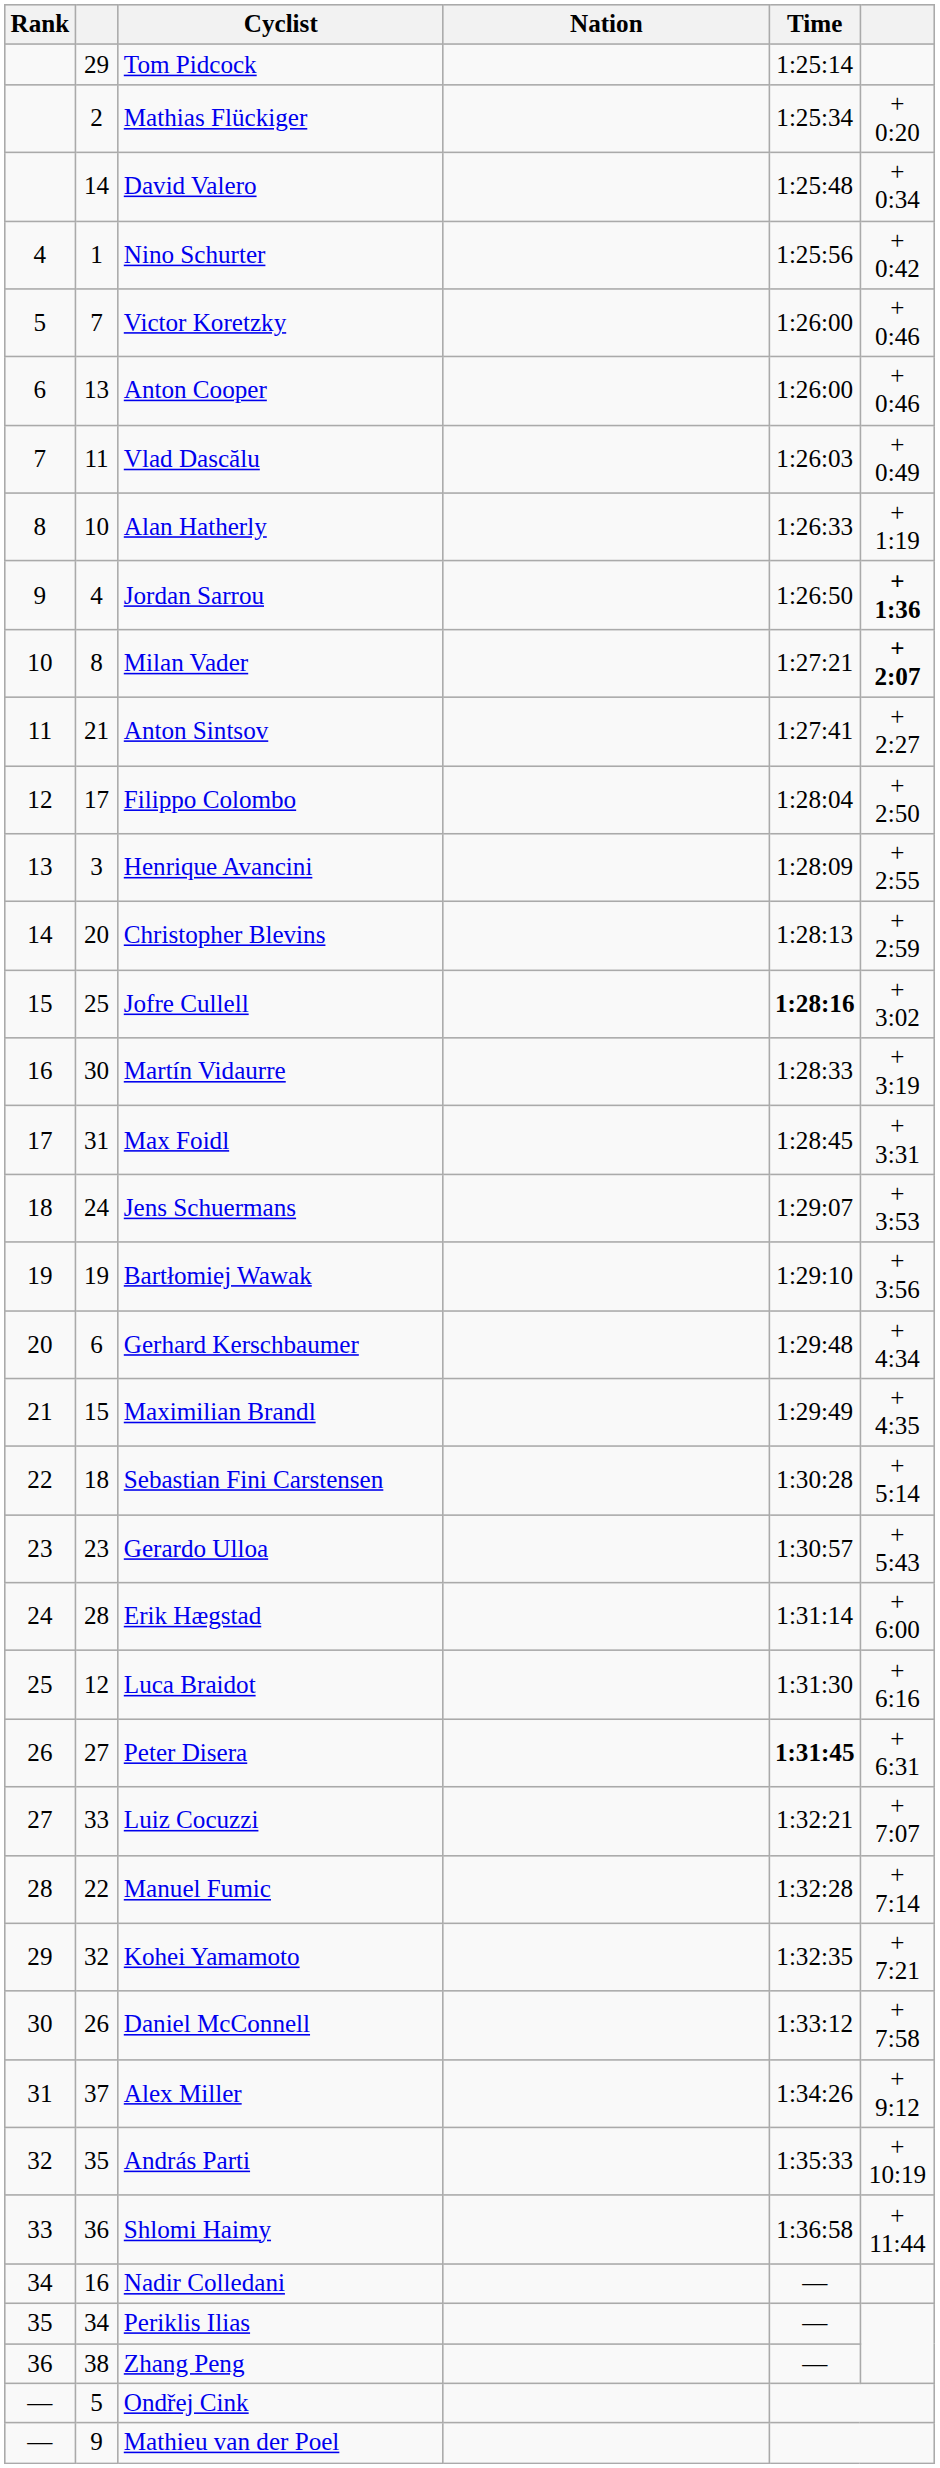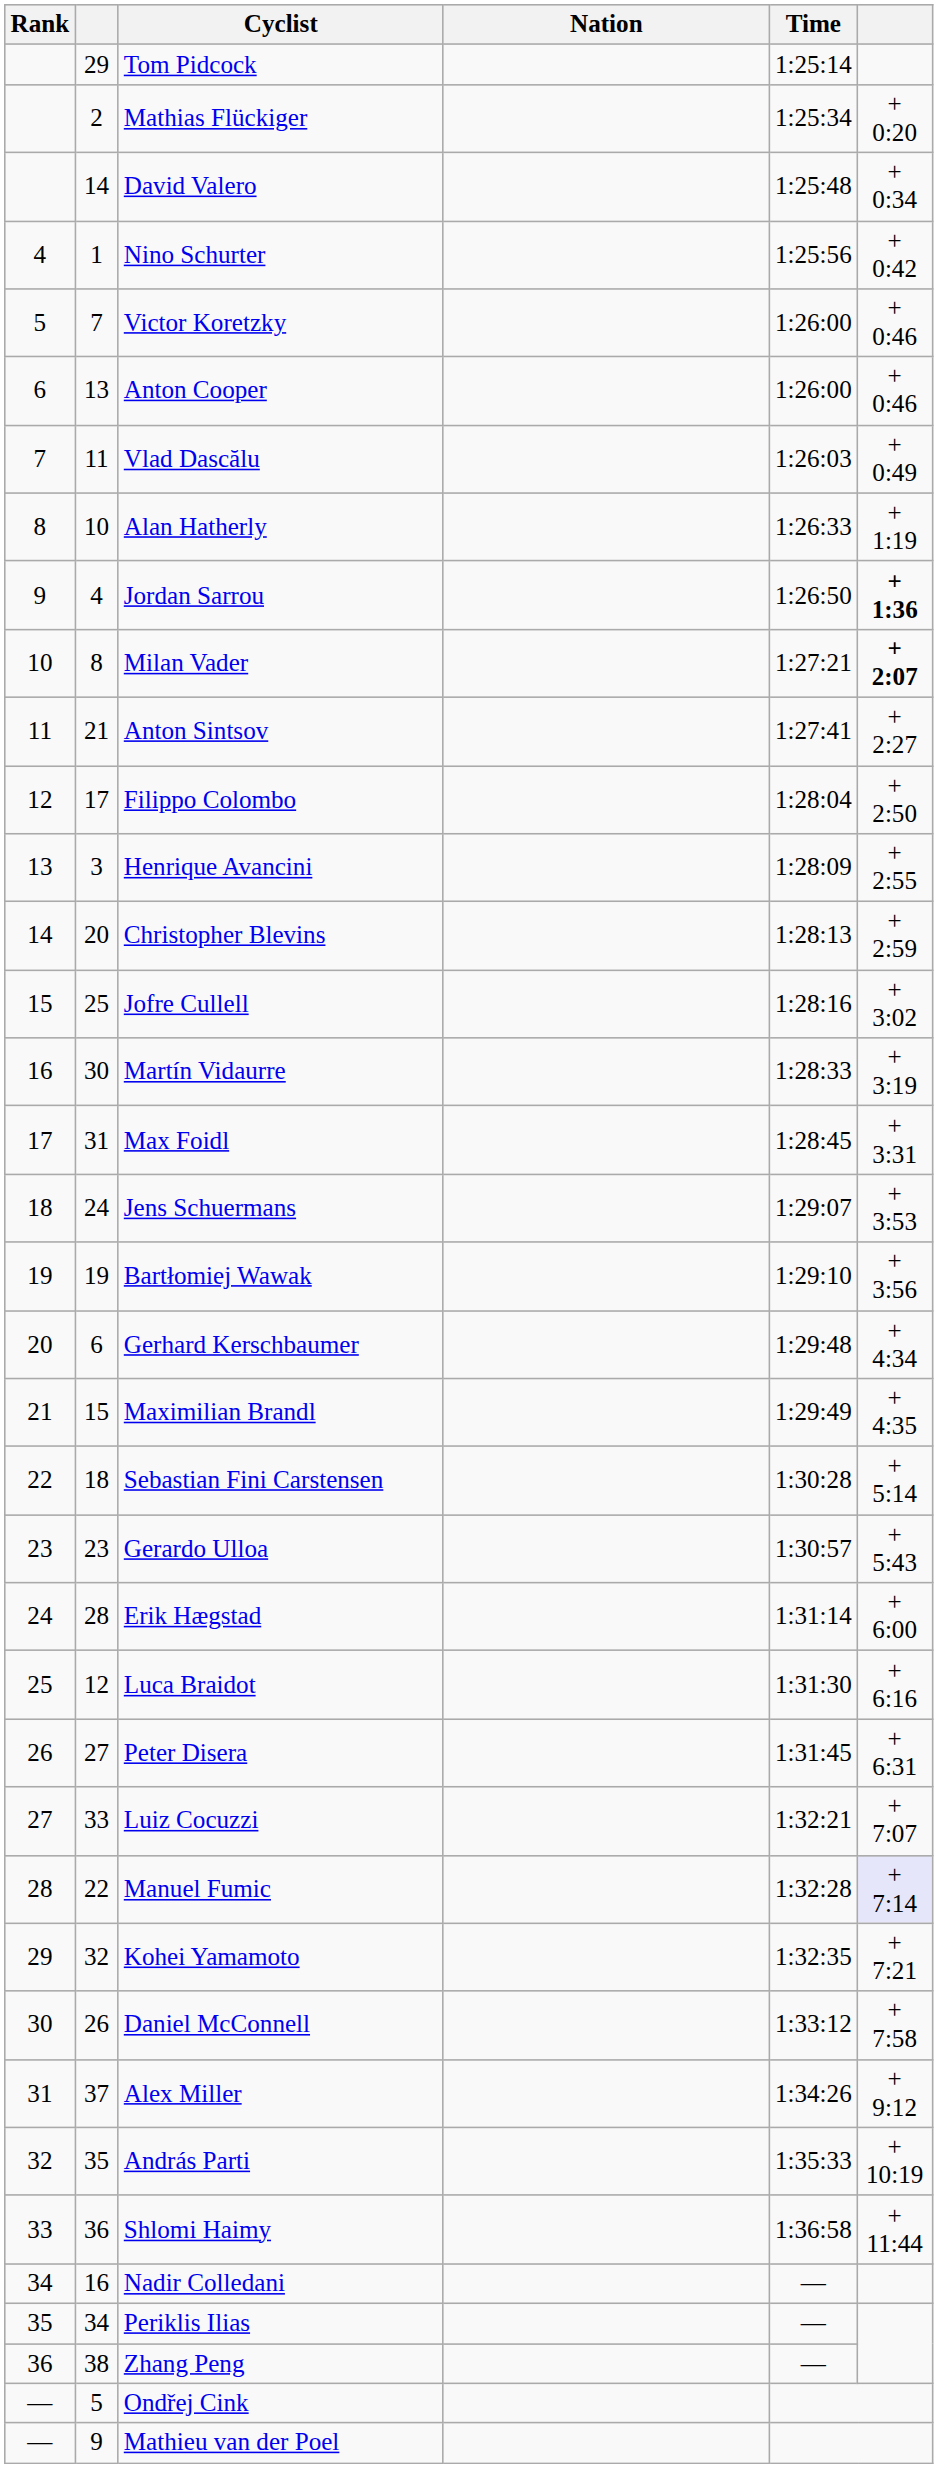 <table class="wikitable sortable" style="text-align:center">
 <tr style="background:#efefef;">
 <th width="30">Rank</th>
 <th width="20"></th>
 <th width="200">Cyclist</th>
 <th width="200">Nation</th>
 <th width="40">Time</th>
 <th width="40"></th>
 </tr>
 <tr>
 <td></td>
 <td>29</td>
 <td align="left"><a href='#'>Tom Pidcock</a></td>
 <td align="left"></td>
 <td>1:25:14</td>
 <td></td>
 </tr>
 <tr>
 <td></td>
 <td>2</td>
 <td align="left"><a href='#'>Mathias Flückiger</a></td>
 <td align="left"></td>
 <td>1:25:34</td>
 <td>+ 0:20</td>
 </tr>
 <tr>
 <td></td>
 <td>14</td>
 <td align="left"><a href='#'>David Valero</a></td>
 <td align="left"></td>
 <td>1:25:48</td>
 <td>+ 0:34</td>
 </tr>
 <tr>
 <td>4</td>
 <td>1</td>
 <td align="left"><a href='#'>Nino Schurter</a></td>
 <td align="left"></td>
 <td>1:25:56</td>
 <td>+ 0:42</td>
 </tr>
 <tr>
 <td>5</td>
 <td>7</td>
 <td align="left"><a href='#'>Victor Koretzky</a></td>
 <td align="left"></td>
 <td>1:26:00</td>
 <td>+ 0:46</td>
 </tr>
 <tr>
 <td>6</td>
 <td>13</td>
 <td align="left"><a href='#'>Anton Cooper</a></td>
 <td align="left"></td>
 <td>1:26:00</td>
 <td>+ 0:46</td>
 </tr>
 <tr>
 <td>7</td>
 <td>11</td>
 <td align="left"><a href='#'>Vlad Dascălu</a></td>
 <td align="left"></td>
 <td>1:26:03</td>
 <td>+ 0:49</td>
 </tr>
 <tr>
 <td>8</td>
 <td>10</td>
 <td align="left"><a href='#'>Alan Hatherly</a></td>
 <td align="left"></td>
 <td>1:26:33</td>
 <td>+ 1:19</td>
 </tr>
 <tr>
 <td>9</td>
 <td>4</td>
 <td align="left"><a href='#'>Jordan Sarrou</a></td>
 <td align="left"></td>
 <td>1:26:50</td>
 <td><strong>+ 1:36</strong></td>
 </tr>
 <tr>
 <td>10</td>
 <td>8</td>
 <td align="left"><a href='#'>Milan Vader</a></td>
 <td align="left"></td>
 <td>1:27:21</td>
 <td><strong>+ 2:07</strong></td>
 </tr>
 <tr>
 <td>11</td>
 <td>21</td>
 <td align="left"><a href='#'>Anton Sintsov</a></td>
 <td align="left"></td>
 <td>1:27:41</td>
 <td>+ 2:27</td>
 </tr>
 <tr>
 <td>12</td>
 <td>17</td>
 <td align="left"><a href='#'>Filippo Colombo</a></td>
 <td align="left"></td>
 <td>1:28:04</td>
 <td>+ 2:50</td>
 </tr>
 <tr>
 <td>13</td>
 <td>3</td>
 <td align="left"><a href='#'>Henrique Avancini</a></td>
 <td align="left"></td>
 <td>1:28:09</td>
 <td>+ 2:55</td>
 </tr>
 <tr>
 <td>14</td>
 <td>20</td>
 <td align="left"><a href='#'>Christopher Blevins</a></td>
 <td align="left"></td>
 <td>1:28:13</td>
 <td>+ 2:59</td>
 </tr>
 <tr>
 <td>15</td>
 <td>25</td>
 <td align="left"><a href='#'>Jofre Cullell</a></td>
 <td align="left"></td>
-<td><strong>1:28:16</strong></td>
+<td>1:28:16</td>
 <td>+ 3:02</td>
 </tr>
 <tr>
 <td>16</td>
 <td>30</td>
 <td align="left"><a href='#'>Martín Vidaurre</a></td>
 <td align="left"></td>
 <td>1:28:33</td>
 <td>+ 3:19</td>
 </tr>
 <tr>
 <td>17</td>
 <td>31</td>
 <td align="left"><a href='#'>Max Foidl</a></td>
 <td align="left"></td>
 <td>1:28:45</td>
 <td>+ 3:31</td>
 </tr>
 <tr>
 <td>18</td>
 <td>24</td>
 <td align="left"><a href='#'>Jens Schuermans</a></td>
 <td align="left"></td>
 <td>1:29:07</td>
 <td>+ 3:53</td>
 </tr>
 <tr>
 <td>19</td>
 <td>19</td>
 <td align="left"><a href='#'>Bartłomiej Wawak</a></td>
 <td align="left"></td>
 <td>1:29:10</td>
 <td>+ 3:56</td>
 </tr>
 <tr>
 <td>20</td>
 <td>6</td>
 <td align="left"><a href='#'>Gerhard Kerschbaumer</a></td>
 <td align="left"></td>
 <td>1:29:48</td>
 <td>+ 4:34</td>
 </tr>
 <tr>
 <td>21</td>
 <td>15</td>
 <td align="left"><a href='#'>Maximilian Brandl</a></td>
 <td align="left"></td>
 <td>1:29:49</td>
 <td>+ 4:35</td>
 </tr>
 <tr>
 <td>22</td>
 <td>18</td>
 <td align="left"><a href='#'>Sebastian Fini Carstensen</a></td>
 <td align="left"></td>
 <td>1:30:28</td>
 <td>+ 5:14</td>
 </tr>
 <tr>
 <td>23</td>
 <td>23</td>
 <td align="left"><a href='#'>Gerardo Ulloa</a></td>
 <td align="left"></td>
 <td>1:30:57</td>
 <td>+ 5:43</td>
 </tr>
 <tr>
 <td>24</td>
 <td>28</td>
 <td align="left"><a href='#'>Erik Hægstad</a></td>
 <td align="left"></td>
 <td>1:31:14</td>
 <td>+ 6:00</td>
 </tr>
 <tr>
 <td>25</td>
 <td>12</td>
 <td align="left"><a href='#'>Luca Braidot</a></td>
 <td align="left"></td>
 <td>1:31:30</td>
 <td>+ 6:16</td>
 </tr>
 <tr>
 <td>26</td>
 <td>27</td>
 <td align="left"><a href='#'>Peter Disera</a></td>
 <td align="left"></td>
-<td><strong>1:31:45</strong></td>
+<td>1:31:45</td>
 <td>+ 6:31</td>
 </tr>
 <tr>
 <td>27</td>
 <td>33</td>
 <td align="left"><a href='#'>Luiz Cocuzzi</a></td>
 <td align="left"></td>
 <td>1:32:21</td>
 <td>+ 7:07</td>
 </tr>
 <tr>
 <td>28</td>
 <td>22</td>
 <td align="left"><a href='#'>Manuel Fumic</a></td>
 <td align="left"></td>
 <td>1:32:28</td>
-<td>+ 7:14</td>
+<td style="background: lavender;">+ 7:14</td>
 </tr>
 <tr>
 <td>29</td>
 <td>32</td>
 <td align="left"><a href='#'>Kohei Yamamoto</a></td>
 <td align="left"></td>
 <td>1:32:35</td>
 <td>+ 7:21</td>
 </tr>
 <tr>
 <td>30</td>
 <td>26</td>
 <td align="left"><a href='#'>Daniel McConnell</a></td>
 <td align="left"></td>
 <td>1:33:12</td>
 <td>+ 7:58</td>
 </tr>
 <tr>
 <td>31</td>
 <td>37</td>
 <td align="left"><a href='#'>Alex Miller</a></td>
 <td align="left"></td>
 <td>1:34:26</td>
 <td>+ 9:12</td>
 </tr>
 <tr>
 <td>32</td>
 <td>35</td>
 <td align="left"><a href='#'>András Parti</a></td>
 <td align="left"></td>
 <td>1:35:33</td>
 <td>+ 10:19</td>
 </tr>
 <tr>
 <td>33</td>
 <td>36</td>
 <td align="left"><a href='#'>Shlomi Haimy</a></td>
 <td align="left"></td>
 <td>1:36:58</td>
 <td>+ 11:44</td>
 </tr>
 <tr>
 <td>34</td>
 <td>16</td>
 <td align="left"><a href='#'>Nadir Colledani</a></td>
 <td align="left"></td>
 <td data-sort-value="34">—</td>
 <td></td>
 </tr>
 <tr>
 <td>35</td>
 <td>34</td>
 <td align="left"><a href='#'>Periklis Ilias</a></td>
 <td align="left"></td>
 <td data-sort-value="35">—</td>
 <td rowspan="2"></td>
 </tr>
 <tr>
 <td>36</td>
 <td>38</td>
 <td align="left"><a href='#'>Zhang Peng</a></td>
 <td align="left"></td>
 <td data-sort-value="36">—</td>
 </tr>
 <tr>
 <td data-sort-value="37">—</td>
 <td>5</td>
 <td align="left"><a href='#'>Ondřej Cink</a></td>
 <td align="left"></td>
 <td colspan="2" data-sort-value="37"></td>
 </tr>
 <tr>
 <td data-sort-value="38">—</td>
 <td>9</td>
 <td align="left"><a href='#'>Mathieu van der Poel</a></td>
 <td align="left"></td>
 <td colspan="2" data-sort-value="38"></td>
 </tr>
 </table>
